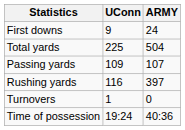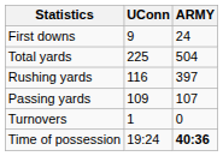 <table class="wikitable">
 <tr>
 <th>Statistics</th>
 <th>UConn</th>
 <th>ARMY</th>
 </tr>
 <tr>
 <td>First downs</td>
 <td>9</td>
 <td>24</td>
 </tr>
 <tr>
 <td>Total yards</td>
 <td>225</td>
 <td>504</td>
 </tr>
 <tr>
+<td>Rushing yards</td>
+<td>116</td>
+<td>397</td>
+</tr>
+<tr>
 <td>Passing yards</td>
 <td>109</td>
 <td>107</td>
-</tr>
-<tr>
-<td>Rushing yards</td>
-<td>116</td>
-<td>397</td>
 </tr>
 <tr>
 <td>Turnovers</td>
 <td>1</td>
 <td>0</td>
 </tr>
 <tr>
 <td>Time of possession</td>
 <td>19:24</td>
-<td>40:36</td>
+<td><strong>40:36</strong></td>
 </tr>
 </table>
